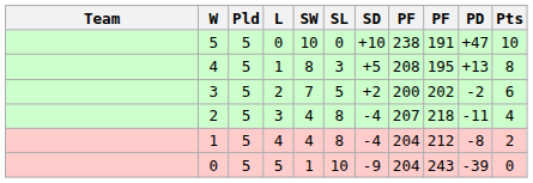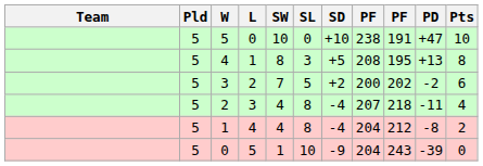 <table class=wikitable style="text-align:center">
 <tr>
 <th width=160>Team</th>
+<th width=20>Pld</th>
 <th width=20>W</th>
-<th width=20>Pld</th>
 <th width=20>L</th>
 <th width=20>SW</th>
 <th width=20>SL</th>
 <th width=20>SD</th>
 <th width=20>PF</th>
 <th width=20>PF</th>
 <th width=20>PD</th>
 <th width=20>Pts</th>
 </tr>
 <tr bgcolor="ccffcc">
 <td align=left></td>
 <td>5</td>
 <td>5</td>
 <td>0</td>
 <td>10</td>
 <td>0</td>
 <td>+10</td>
 <td>238</td>
 <td>191</td>
 <td>+47</td>
 <td>10</td>
 </tr>
 <tr bgcolor="ccffcc">
 <td align=left></td>
+<td>5</td>
 <td>4</td>
-<td>5</td>
 <td>1</td>
 <td>8</td>
 <td>3</td>
 <td>+5</td>
 <td>208</td>
 <td>195</td>
 <td>+13</td>
 <td>8</td>
 </tr>
 <tr bgcolor="ccffcc">
 <td align=left></td>
+<td>5</td>
 <td>3</td>
-<td>5</td>
 <td>2</td>
 <td>7</td>
 <td>5</td>
 <td>+2</td>
 <td>200</td>
 <td>202</td>
 <td>-2</td>
 <td>6</td>
 </tr>
 <tr bgcolor="ccffcc">
 <td align=left></td>
+<td>5</td>
 <td>2</td>
-<td>5</td>
 <td>3</td>
 <td>4</td>
 <td>8</td>
 <td>-4</td>
 <td>207</td>
 <td>218</td>
 <td>-11</td>
 <td>4</td>
 </tr>
 <tr bgcolor="ffcccc">
 <td align=left></td>
+<td>5</td>
 <td>1</td>
-<td>5</td>
 <td>4</td>
 <td>4</td>
 <td>8</td>
 <td>-4</td>
 <td>204</td>
 <td>212</td>
 <td>-8</td>
 <td>2</td>
 </tr>
 <tr bgcolor="ffcccc">
 <td align=left></td>
+<td>5</td>
 <td>0</td>
-<td>5</td>
 <td>5</td>
 <td>1</td>
 <td>10</td>
 <td>-9</td>
 <td>204</td>
 <td>243</td>
 <td>-39</td>
 <td>0</td>
 </tr>
 </table>
